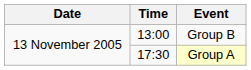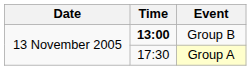 <table class = "wikitable" style="text-align:center;">
 <tr>
 <th width=150>Date</th>
 <th width=50>Time</th>
 <th width=80>Event</th>
 </tr>
 <tr>
 <td rowspan=2>13 November 2005</td>
-<td>13:00</td>
+<td><strong>13:00</strong></td>
 <td>Group B</td>
 </tr>
 <tr>
 <td>17:30</td>
 <td bgcolor=ffffcc>Group A</td>
 </tr>
 </table>
